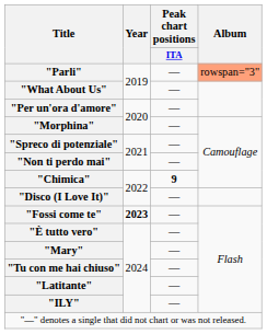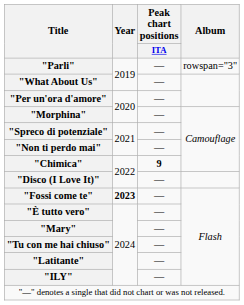 <table class="wikitable plainrowheaders" style="text-align:center;">
 <tr>
 <th scope="col" rowspan="2">Title</th>
 <th scope="col" rowspan="2">Year</th>
 <th scope="col" colspan="1">Peak chart positions</th>
 <th scope="col" rowspan="2">Album</th>
 </tr>
 <tr>
 <th scope="col" style="width:3em;font-size:85%"><a href='#'>ITA</a><br></th>
 </tr>
 <tr>
 <th scope="row">"Parli"</th>
 <td rowspan="2">2019</td>
 <td>—</td>
-<td style="background: lightsalmon;">rowspan="3" </td>
+<td>rowspan="3" </td>
 </tr>
 <tr>
 <th scope="row">"What About Us"<br></th>
 <td>—</td>
 </tr>
 <tr>
 <th scope="row">"Per un'ora d'amore"</th>
 <td rowspan="2">2020</td>
 <td>—</td>
 </tr>
 <tr>
 <th scope="row">"Morphina"</th>
 <td>—</td>
 <td rowspan="4"><em>Camouflage</em></td>
 </tr>
 <tr>
 <th scope="row">"Spreco di potenziale"</th>
 <td rowspan="2">2021</td>
 <td>—</td>
 </tr>
 <tr>
 <th scope="row">"Non ti perdo mai"</th>
 <td>—</td>
 </tr>
 <tr>
 <th scope="row">"Chimica"<br></th>
 <td rowspan="2">2022</td>
 <td><strong>9</strong></td>
 </tr>
 <tr>
 <th scope="row">"Disco (I Love It)"</th>
 <td>—</td>
 <td></td>
 </tr>
 <tr>
 <th scope="row">"Fossi come te"</th>
 <td><strong>2023</strong></td>
 <td>—</td>
 <td rowspan="6"><em>Flash</em></td>
 </tr>
 <tr>
 <th scope="row">"È tutto vero"</th>
 <td rowspan="5">2024</td>
 <td>—</td>
 </tr>
 <tr>
 <th scope="row">"Mary"</th>
 <td>—</td>
 </tr>
 <tr>
 <th scope="row">"Tu con me hai chiuso"</th>
 <td>—</td>
 </tr>
 <tr>
 <th scope="row">"Latitante"</th>
 <td>—</td>
 </tr>
 <tr>
 <th scope="row">"ILY"</th>
 <td>—</td>
 </tr>
 <tr>
 <td colspan="4" style="text-align:center; font-size:85%;">"—" denotes a single that did not chart or was not released.</td>
 </tr>
 </table>
